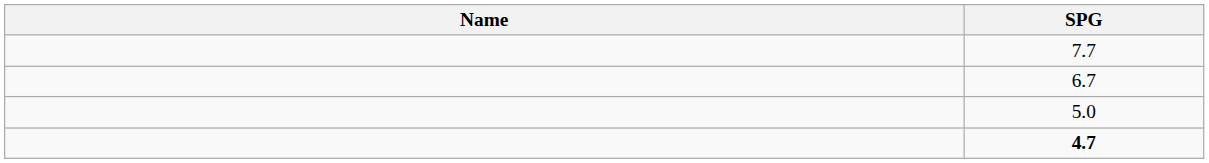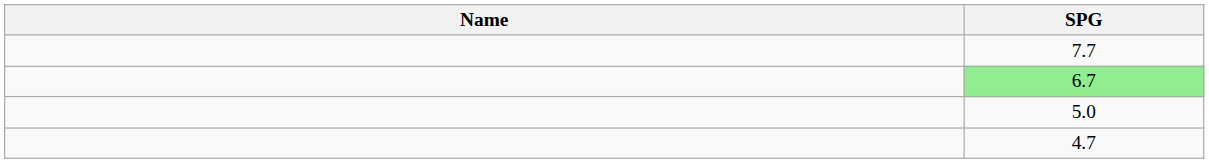 <table class=wikitable width="50%">
 <tr>
 <th width="80%">Name</th>
 <th width="20%">SPG</th>
 </tr>
 <tr>
 <td></td>
 <td align=center>7.7</td>
 </tr>
 <tr>
 <td></td>
-<td align=center>6.7</td>
+<td align=center style="background: lightgreen;">6.7</td>
 </tr>
 <tr>
 <td></td>
 <td align=center>5.0</td>
 </tr>
 <tr>
 <td></td>
-<td align=center><strong>4.7</strong></td>
+<td align=center>4.7</td>
 </tr>
 </table>
